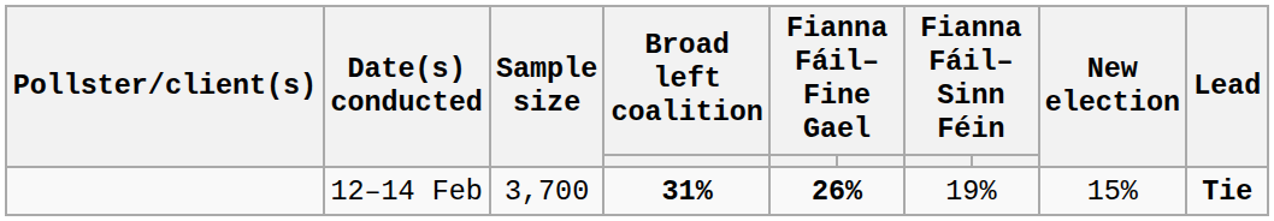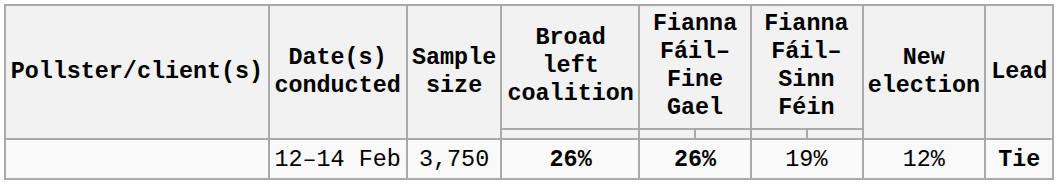 <table class="wikitable sortable" style="text-align:center;font-size:90%;line-height:14px;">
 <tr>
 <th rowspan="2">Pollster/client(s)</th>
 <th rowspan="2">Date(s)<br>conducted</th>
 <th rowspan="2" data-sort-type="number">Sample<br>size</th>
 <th class="unsortable" style="width:50px;">Broad left coalition</th>
 <th colspan="2" class="unsortable" style="width:50px;">Fianna Fáil–Fine Gael</th>
 <th colspan="2" class="unsortable" style="width:50px;">Fianna Fáil–Sinn Féin</th>
 <th rowspan="2" class="unsortable" style="width:50px;">New election</th>
 <th rowspan="2" data-sort-type="number">Lead</th>
 </tr>
 <tr>
 <th data-sort-type="number" style="background:"></th>
 <th data-sort-type="number" style="background:"></th>
 <th data-sort-type="number" style="background:"></th>
 <th data-sort-type="number" style="background:"></th>
 <th data-sort-type="number" style="background:"></th>
 </tr>
 <tr>
 <td></td>
 <td data-sort-value="2019-12-11">12–14 Feb</td>
-<td>3,700</td>
-<td style="background:"><strong>31%</strong></td>
+<td>3,750</td>
+<td style="background:"><strong>26%</strong></td>
 <td colspan="2" style="background:"><strong>26%</strong></td>
 <td colspan="2">19%</td>
-<td>15%</td>
+<td>12%</td>
 <td data-sort-value="0"><strong>Tie</strong></td>
 </tr>
 </table>
